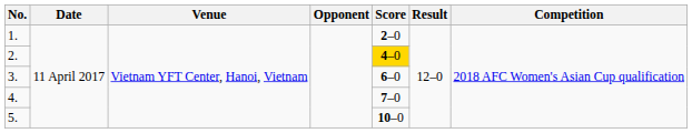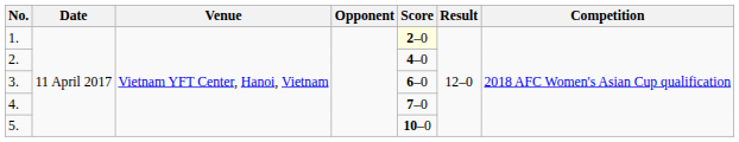 <table class="wikitable">
 <tr>
 <th>No.</th>
 <th>Date</th>
 <th>Venue</th>
 <th>Opponent</th>
 <th>Score</th>
 <th>Result</th>
 <th>Competition</th>
 </tr>
 <tr>
 <td>1.</td>
 <td rowspan=5>11 April 2017</td>
 <td rowspan=5><a href='#'>Vietnam YFT Center</a>, <a href='#'>Hanoi</a>, <a href='#'>Vietnam</a></td>
 <td rowspan=5></td>
-<td align=center><strong>2</strong>–0</td>
+<td align=center style="background: lightyellow;"><strong>2</strong>–0</td>
 <td rowspan=5 align=center>12–0</td>
 <td rowspan=5><a href='#'>2018 AFC Women's Asian Cup qualification</a></td>
 </tr>
 <tr>
 <td>2.</td>
-<td align=center style="background: gold;"><strong>4</strong>–0</td>
+<td align=center><strong>4</strong>–0</td>
 </tr>
 <tr>
 <td>3.</td>
 <td align=center><strong>6</strong>–0</td>
 </tr>
 <tr>
 <td>4.</td>
 <td align=center><strong>7</strong>–0</td>
 </tr>
 <tr>
 <td>5.</td>
 <td align=center><strong>10</strong>–0</td>
 </tr>
 </table>
